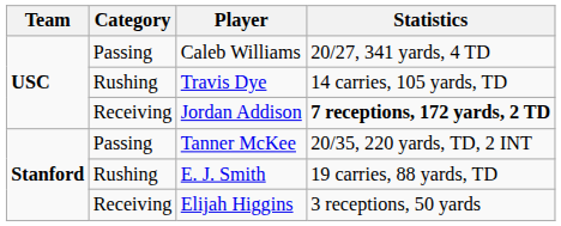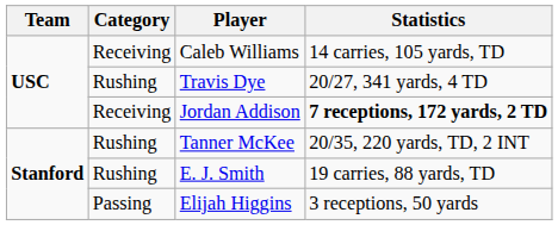 <table class="wikitable" style="float: right;">
 <tr>
 <th>Team</th>
 <th>Category</th>
 <th>Player</th>
 <th>Statistics</th>
 </tr>
 <tr>
 <td rowspan=3><strong>USC</strong></td>
-<td>Passing</td>
+<td>Receiving</td>
 <td>Caleb Williams</td>
-<td>20/27, 341 yards, 4 TD</td>
+<td>14 carries, 105 yards, TD</td>
 </tr>
 <tr>
 <td>Rushing</td>
 <td><a href='#'>Travis Dye</a></td>
-<td>14 carries, 105 yards, TD</td>
+<td>20/27, 341 yards, 4 TD</td>
 </tr>
 <tr>
 <td>Receiving</td>
 <td><a href='#'>Jordan Addison</a></td>
 <td><strong>7 receptions, 172 yards, 2 TD</strong></td>
 </tr>
 <tr>
 <td rowspan=3><strong>Stanford</strong></td>
-<td>Passing</td>
+<td>Rushing</td>
 <td><a href='#'>Tanner McKee</a></td>
 <td>20/35, 220 yards, TD, 2 INT</td>
 </tr>
 <tr>
 <td>Rushing</td>
 <td><a href='#'>E. J. Smith</a></td>
 <td>19 carries, 88 yards, TD</td>
 </tr>
 <tr>
-<td>Receiving</td>
+<td>Passing</td>
 <td><a href='#'>Elijah Higgins</a></td>
 <td>3 receptions, 50 yards</td>
 </tr>
 </table>
